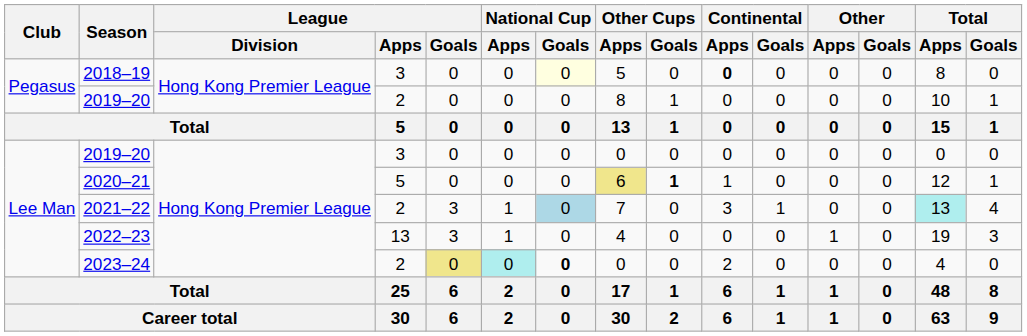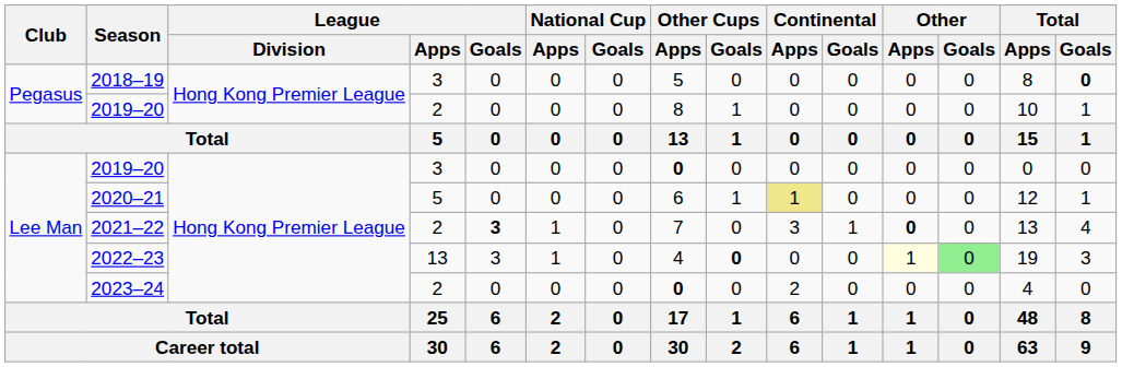 <table class="wikitable" style="font-size:95%; text-align: center">
 <tr>
 <th rowspan="2">Club</th>
 <th rowspan="2">Season</th>
 <th colspan="3">League</th>
 <th colspan="2">National Cup</th>
 <th colspan="2">Other Cups</th>
 <th colspan="2">Continental</th>
 <th colspan="2">Other</th>
 <th colspan="2">Total</th>
 </tr>
 <tr>
 <th>Division</th>
 <th>Apps</th>
 <th>Goals</th>
 <th>Apps</th>
 <th>Goals</th>
 <th>Apps</th>
 <th>Goals</th>
 <th>Apps</th>
 <th>Goals</th>
 <th>Apps</th>
 <th>Goals</th>
 <th>Apps</th>
 <th>Goals</th>
 </tr>
 <tr>
 <td rowspan="2"><a href='#'>Pegasus</a></td>
 <td><a href='#'>2018–19</a></td>
 <td rowspan="2"><a href='#'>Hong Kong Premier League</a></td>
 <td>3</td>
 <td>0</td>
 <td>0</td>
-<td style="background: lightyellow;">0</td>
+<td>0</td>
 <td>5</td>
 <td>0</td>
-<td><strong>0</strong></td>
+<td>0</td>
 <td>0</td>
 <td>0</td>
 <td>0</td>
 <td>8</td>
-<td>0</td>
+<td><strong>0</strong></td>
 </tr>
 <tr>
 <td><a href='#'>2019–20</a></td>
 <td>2</td>
 <td>0</td>
 <td>0</td>
 <td>0</td>
 <td>8</td>
 <td>1</td>
 <td>0</td>
 <td>0</td>
 <td>0</td>
 <td>0</td>
 <td>10</td>
 <td>1</td>
 </tr>
 <tr>
 <th colspan=3>Total</th>
 <th>5</th>
 <th>0</th>
 <th>0</th>
 <th>0</th>
 <th>13</th>
 <th>1</th>
 <th>0</th>
 <th>0</th>
 <th>0</th>
 <th>0</th>
 <th>15</th>
 <th>1</th>
 </tr>
 <tr>
 <td rowspan="5"><a href='#'>Lee Man</a></td>
 <td><a href='#'>2019–20</a></td>
 <td rowspan="5"><a href='#'>Hong Kong Premier League</a></td>
 <td>3</td>
 <td>0</td>
 <td>0</td>
 <td>0</td>
-<td>0</td>
+<td><strong>0</strong></td>
 <td>0</td>
 <td>0</td>
 <td>0</td>
 <td>0</td>
 <td>0</td>
 <td>0</td>
 <td>0</td>
 </tr>
 <tr>
 <td><a href='#'>2020–21</a></td>
 <td>5</td>
 <td>0</td>
 <td>0</td>
 <td>0</td>
-<td style="background: khaki;">6</td>
-<td><strong>1</strong></td>
+<td>6</td>
 <td>1</td>
+<td style="background: khaki;">1</td>
 <td>0</td>
 <td>0</td>
 <td>0</td>
 <td>12</td>
 <td>1</td>
 </tr>
 <tr>
 <td><a href='#'>2021–22</a></td>
 <td>2</td>
-<td>3</td>
+<td><strong>3</strong></td>
 <td>1</td>
-<td style="background: lightblue;">0</td>
+<td>0</td>
 <td>7</td>
 <td>0</td>
 <td>3</td>
 <td>1</td>
+<td><strong>0</strong></td>
 <td>0</td>
-<td>0</td>
-<td style="background: paleturquoise;">13</td>
+<td>13</td>
 <td>4</td>
 </tr>
 <tr>
 <td><a href='#'>2022–23</a></td>
 <td>13</td>
 <td>3</td>
 <td>1</td>
 <td>0</td>
 <td>4</td>
+<td><strong>0</strong></td>
 <td>0</td>
 <td>0</td>
-<td>0</td>
-<td>1</td>
-<td>0</td>
+<td style="background: lightyellow;">1</td>
+<td style="background: lightgreen;">0</td>
 <td>19</td>
 <td>3</td>
 </tr>
 <tr>
 <td><a href='#'>2023–24</a></td>
 <td>2</td>
-<td style="background: khaki;">0</td>
-<td style="background: paleturquoise;">0</td>
+<td>0</td>
+<td>0</td>
+<td>0</td>
 <td><strong>0</strong></td>
-<td>0</td>
 <td>0</td>
 <td>2</td>
 <td>0</td>
 <td>0</td>
 <td>0</td>
 <td>4</td>
 <td>0</td>
 </tr>
 <tr>
 <th colspan=3>Total</th>
 <th>25</th>
 <th>6</th>
 <th>2</th>
 <th>0</th>
 <th>17</th>
 <th>1</th>
 <th>6</th>
 <th>1</th>
 <th>1</th>
 <th>0</th>
 <th>48</th>
 <th>8</th>
 </tr>
 <tr>
 <th colspan=3>Career total</th>
 <th>30</th>
 <th>6</th>
 <th>2</th>
 <th>0</th>
 <th>30</th>
 <th>2</th>
 <th>6</th>
 <th>1</th>
 <th>1</th>
 <th>0</th>
 <th>63</th>
 <th>9</th>
 </tr>
 </table>
